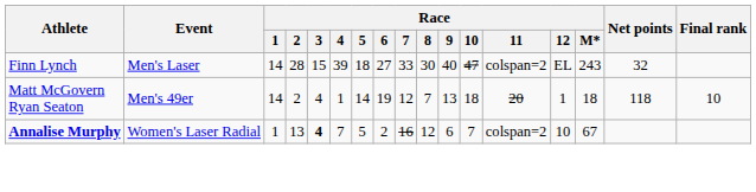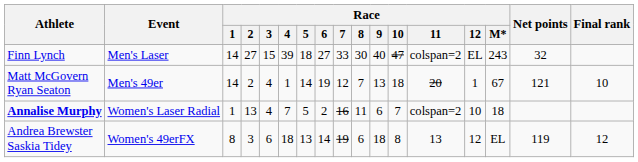 <table class="wikitable" style="font-size:90%">
 <tr>
 <th rowspan="2">Athlete</th>
 <th rowspan="2">Event</th>
 <th colspan=13>Race</th>
 <th rowspan=2>Net points</th>
 <th rowspan=2>Final rank</th>
 </tr>
 <tr style="font-size:95%">
 <th>1</th>
 <th>2</th>
 <th>3</th>
 <th>4</th>
 <th>5</th>
 <th>6</th>
 <th>7</th>
 <th>8</th>
 <th>9</th>
 <th>10</th>
 <th>11</th>
 <th>12</th>
 <th>M*</th>
 </tr>
 <tr align=center>
 <td align=left><a href='#'>Finn Lynch</a></td>
 <td align=left><a href='#'>Men's Laser</a></td>
 <td>14</td>
-<td>28</td>
+<td>27</td>
 <td>15</td>
 <td>39</td>
 <td>18</td>
 <td>27</td>
 <td>33</td>
 <td>30</td>
 <td>40</td>
 <td><s>47</s></td>
 <td>colspan=2 </td>
 <td>EL</td>
 <td>243</td>
 <td>32</td>
 </tr>
 <tr align=center>
 <td align=left><a href='#'>Matt McGovern</a><br><a href='#'>Ryan Seaton</a></td>
 <td align=left><a href='#'>Men's 49er</a></td>
 <td>14</td>
 <td>2</td>
 <td>4</td>
 <td>1</td>
 <td>14</td>
 <td>19</td>
 <td>12</td>
 <td>7</td>
 <td>13</td>
 <td>18</td>
 <td><s>20</s></td>
 <td>1</td>
-<td>18</td>
-<td>118</td>
+<td>67</td>
+<td>121</td>
 <td>10</td>
 </tr>
 <tr align=center>
 <td align=left><strong><a href='#'>Annalise Murphy</a></strong></td>
 <td align=left><a href='#'>Women's Laser Radial</a></td>
 <td>1</td>
 <td>13</td>
-<td><strong>4</strong></td>
+<td>4</td>
 <td>7</td>
 <td>5</td>
 <td>2</td>
 <td><s>16</s></td>
-<td>12</td>
+<td>11</td>
 <td>6</td>
 <td>7</td>
 <td>colspan=2 </td>
 <td>10</td>
-<td>67</td>
+<td>18</td>
 <td></td>
 </tr>
+<tr align=center>
+<td align=left><a href='#'>Andrea Brewster</a><br><a href='#'>Saskia Tidey</a></td>
+<td align=left><a href='#'>Women's 49erFX</a></td>
+<td>8</td>
+<td>3</td>
+<td>6</td>
+<td>18</td>
+<td>13</td>
+<td>14</td>
+<td><s>19</s></td>
+<td>6</td>
+<td>18</td>
+<td>8</td>
+<td>13</td>
+<td>12</td>
+<td>EL</td>
+<td>119</td>
+<td>12</td>
+</tr>
 </table>
